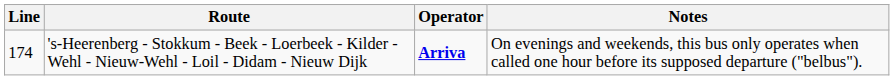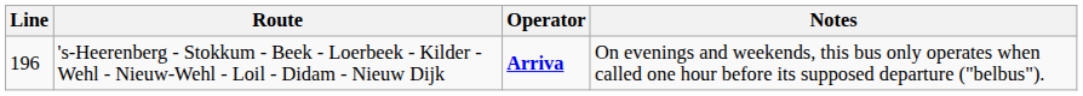 <table class="wikitable">
 <tr>
 <th>Line</th>
 <th>Route</th>
 <th>Operator</th>
 <th>Notes</th>
 </tr>
 <tr>
-<td>174</td>
+<td>196</td>
 <td>'s-Heerenberg - Stokkum - Beek - Loerbeek - Kilder - Wehl - Nieuw-Wehl - Loil - Didam - Nieuw Dijk</td>
 <td><strong><a href='#'>Arriva</a></strong></td>
 <td>On evenings and weekends, this bus only operates when called one hour before its supposed departure ("belbus").</td>
 </tr>
 </table>
